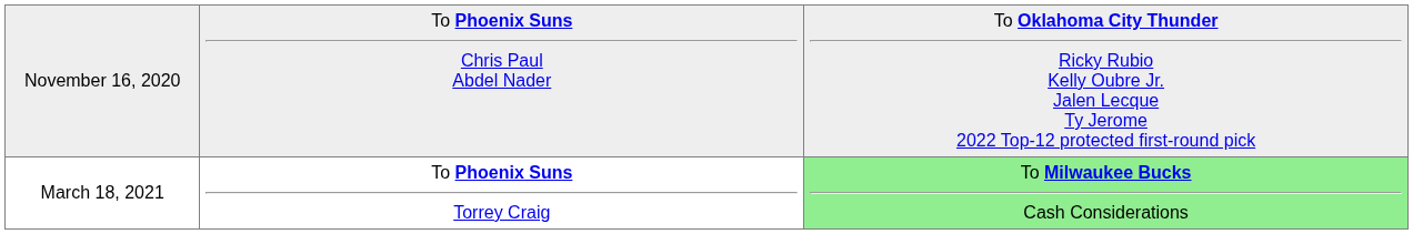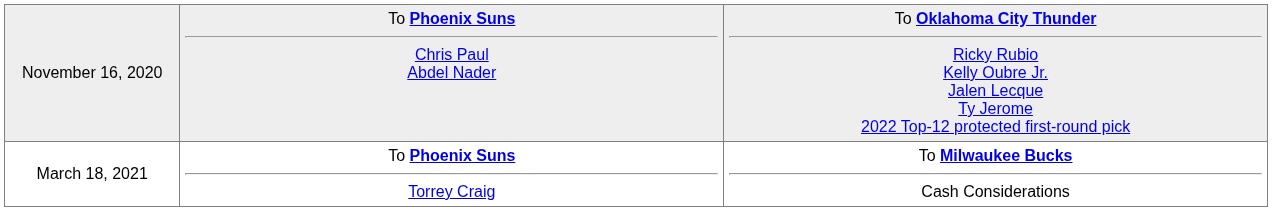 <table border="1" style="border-collapse:collapse; text-align:center; width:100%;"  cellpadding="5">
 <tr style="background:#eee;">
 <td style="width:10%;">November 16, 2020</td>
 <td style="width:31%; vertical-align:top;">To <strong><a href='#'>Phoenix Suns</a></strong><hr> <a href='#'>Chris Paul</a><br> <a href='#'>Abdel Nader</a></td>
 <td style="width:31%; vertical-align:top;">To <strong><a href='#'>Oklahoma City Thunder</a></strong><hr> <a href='#'>Ricky Rubio</a><br> <a href='#'>Kelly Oubre Jr.</a><br> <a href='#'>Jalen Lecque</a><br> <a href='#'>Ty Jerome</a><br><a href='#'>2022 Top-12 protected first-round pick</a></td>
 </tr>
 <tr>
 <td>March 18, 2021</td>
 <td style="width=31%; vertical-align:top;">To <strong><a href='#'>Phoenix Suns</a></strong><hr> <a href='#'>Torrey Craig</a></td>
-<td style="background: lightgreen; width=31%; vertical-align:top;">To <strong><a href='#'>Milwaukee Bucks</a></strong><hr>Cash Considerations</td>
+<td style="width=31%; vertical-align:top;">To <strong><a href='#'>Milwaukee Bucks</a></strong><hr>Cash Considerations</td>
 </tr>
 </table>
